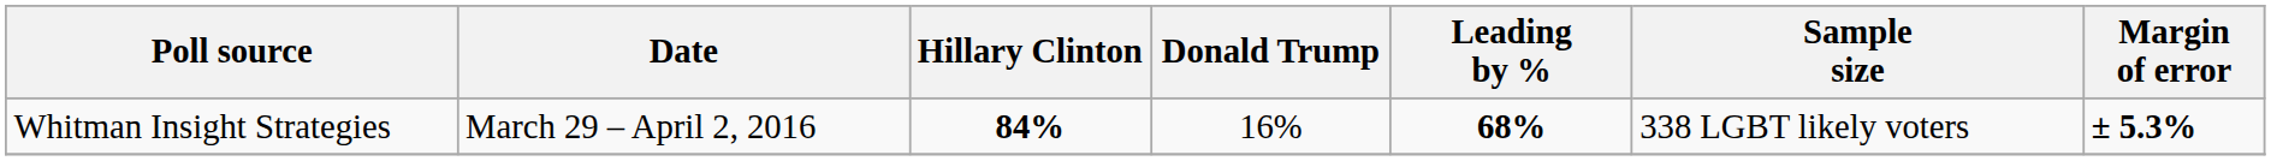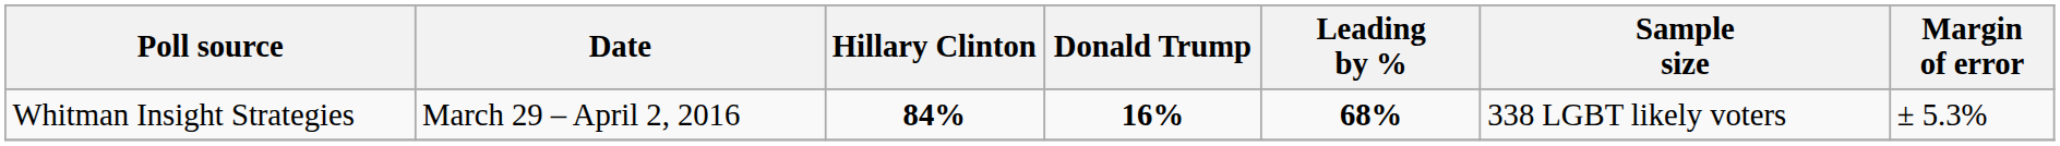 <table class="wikitable sortable">
 <tr style="background:lightgrey;">
 <th width="20%">Poll source</th>
 <th width="20%">Date</th>
 <th width="10.66%">Hillary Clinton<br><small></small></th>
 <th width="10.66%">Donald Trump<br><small></small></th>
 <th width="10.66%">Leading<br>by %</th>
 <th width="20%">Sample<br>size</th>
 <th width="8%">Margin<br>of error</th>
 </tr>
 <tr>
 <td>Whitman Insight Strategies</td>
 <td>March 29 – April 2, 2016</td>
 <td align="center" ><strong>84%</strong></td>
-<td align="center">16%</td>
+<td align="center"><strong>16%</strong></td>
 <td align="center" ><strong>68%</strong></td>
 <td>338 LGBT likely voters</td>
-<td><strong>± 5.3%</strong></td>
+<td>± 5.3%</td>
 </tr>
 <tr>
 </tr>
 </table>
